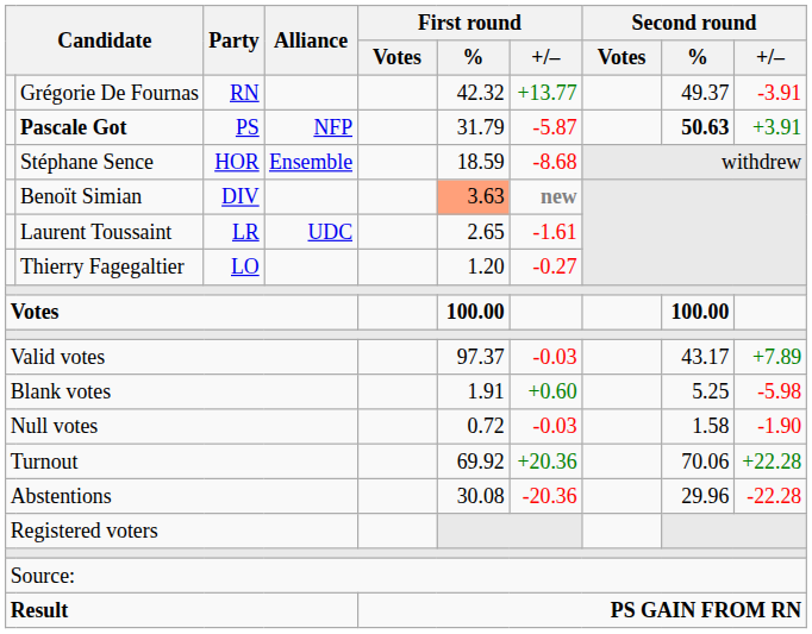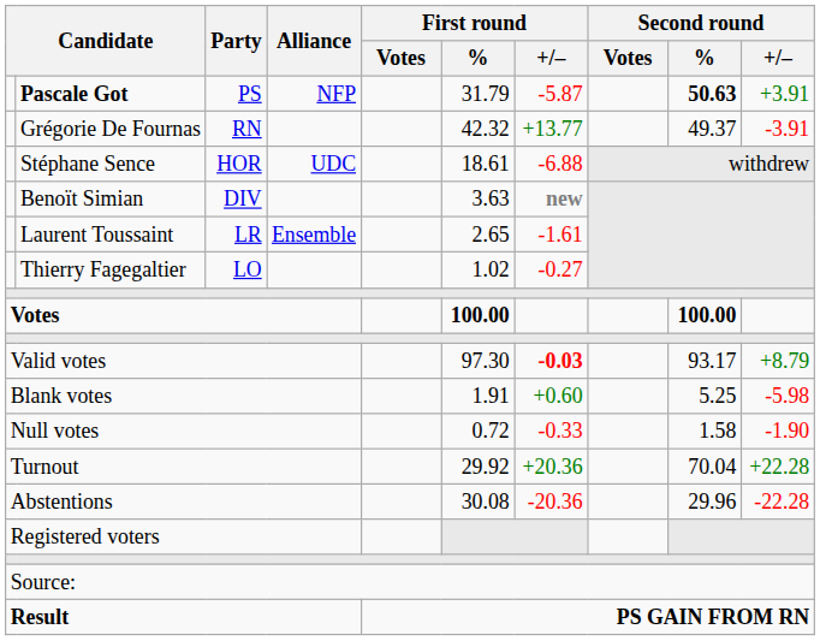 <table class="wikitable" style="text-align:right;font-size:95%;">
 <tr>
 <th rowspan="2" colspan="2">Candidate</th>
 <th colspan="1" rowspan="2">Party</th>
 <th colspan="1" rowspan="2">Alliance</th>
 <th colspan="3">First round</th>
 <th colspan="3">Second round</th>
 </tr>
 <tr>
 <th style="width:50px;">Votes</th>
 <th style="width:45px;">%</th>
 <th style="width:45px;">+/–</th>
 <th style="width:50px;">Votes</th>
 <th style="width:45px;">%</th>
 <th style="width:45px;">+/–</th>
 </tr>
 <tr>
 <td style="color:inherit;background:"></td>
+<td style="text-align:left;"><strong>Pascale Got</strong></td>
+<td><a href='#'>PS</a></td>
+<td><a href='#'>NFP</a></td>
+<td></td>
+<td>31.79</td>
+<td style="color:red;">-5.87</td>
+<td><strong></strong></td>
+<td><strong>50.63</strong></td>
+<td style="color:green;">+3.91</td>
+</tr>
+<tr>
+<td style="color:inherit;background:"></td>
 <td style="text-align:left;">Grégorie De Fournas</td>
 <td><a href='#'>RN</a></td>
 <td></td>
 <td></td>
 <td>42.32</td>
 <td style="color:green;">+13.77</td>
 <td></td>
 <td>49.37</td>
 <td style="color:red;">-3.91</td>
 </tr>
 <tr>
 <td style="color:inherit;background:"></td>
-<td style="text-align:left;"><strong>Pascale Got</strong></td>
-<td><a href='#'>PS</a></td>
-<td><a href='#'>NFP</a></td>
-<td></td>
-<td>31.79</td>
-<td style="color:red;">-5.87</td>
-<td><strong></strong></td>
-<td><strong>50.63</strong></td>
-<td style="color:green;">+3.91</td>
-</tr>
-<tr>
-<td style="color:inherit;background:"></td>
 <td style="text-align:left;">Stéphane Sence</td>
 <td><a href='#'>HOR</a></td>
-<td><a href='#'>Ensemble</a></td>
+<td><a href='#'>UDC</a></td>
 <td></td>
-<td>18.59</td>
-<td style="color:red;">-8.68</td>
+<td>18.61</td>
+<td style="color:red;">-6.88</td>
 <td colspan="3" style="background:#E9E9E9;">withdrew</td>
 </tr>
 <tr>
 <td style="color:inherit;background:"></td>
 <td style="text-align:left;">Benoït Simian</td>
 <td><a href='#'>DIV</a></td>
 <td></td>
 <td></td>
-<td style="background: lightsalmon;">3.63</td>
+<td>3.63</td>
 <td style="color:grey;"><strong>new</strong></td>
 <td colspan="3" rowspan="3" style="background:#E9E9E9;"></td>
 </tr>
 <tr>
 <td style="color:inherit;background:"></td>
 <td style="text-align:left;">Laurent Toussaint</td>
 <td><a href='#'>LR</a></td>
-<td><a href='#'>UDC</a></td>
+<td><a href='#'>Ensemble</a></td>
 <td></td>
 <td>2.65</td>
 <td style="color:red;">-1.61</td>
 </tr>
 <tr>
 <td style="color:inherit;background:"></td>
 <td style="text-align:left;">Thierry Fagegaltier</td>
 <td><a href='#'>LO</a></td>
 <td></td>
 <td></td>
-<td>1.20</td>
+<td>1.02</td>
 <td style="color:red;">-0.27</td>
 </tr>
 <tr>
 <td colspan="10" style="background:#E9E9E9;"></td>
 </tr>
 <tr style="font-weight:bold;">
 <td colspan="4" style="text-align:left;">Votes</td>
 <td></td>
 <td>100.00</td>
 <td></td>
 <td></td>
 <td>100.00</td>
 <td></td>
 </tr>
 <tr>
 <td colspan="10" style="background:#E9E9E9;"></td>
 </tr>
 <tr>
 <td colspan="4" style="text-align:left;">Valid votes</td>
 <td></td>
-<td>97.37</td>
-<td style="color:red;">-0.03</td>
+<td>97.30</td>
+<td style="color:red;"><strong>-0.03</strong></td>
 <td></td>
-<td>43.17</td>
-<td style="color:green;">+7.89</td>
+<td>93.17</td>
+<td style="color:green;">+8.79</td>
 </tr>
 <tr>
 <td colspan="4" style="text-align:left;">Blank votes</td>
 <td></td>
 <td>1.91</td>
 <td style="color:green;">+0.60</td>
 <td></td>
 <td>5.25</td>
 <td style="color:red;">-5.98</td>
 </tr>
 <tr>
 <td colspan="4" style="text-align:left;">Null votes</td>
 <td></td>
 <td>0.72</td>
-<td style="color:red;">-0.03</td>
+<td style="color:red;">-0.33</td>
 <td></td>
 <td>1.58</td>
 <td style="color:red;">-1.90</td>
 </tr>
 <tr>
 <td colspan="4" style="text-align:left;">Turnout</td>
 <td></td>
-<td>69.92</td>
+<td>29.92</td>
 <td style="color:green;">+20.36</td>
 <td></td>
-<td>70.06</td>
+<td>70.04</td>
 <td style="color:green;">+22.28</td>
 </tr>
 <tr>
 <td colspan="4" style="text-align:left;">Abstentions</td>
 <td></td>
 <td>30.08</td>
 <td style="color:red;">-20.36</td>
 <td></td>
 <td>29.96</td>
 <td style="color:red;">-22.28</td>
 </tr>
 <tr>
 <td colspan="4" style="text-align:left;">Registered voters</td>
 <td></td>
 <td colspan="2" style="background:#E9E9E9;"></td>
 <td></td>
 <td colspan="2" style="background:#E9E9E9;"></td>
 </tr>
 <tr>
 <td colspan="10" style="background:#E9E9E9;"></td>
 </tr>
 <tr>
 <td colspan="10" style="text-align:left;">Source: </td>
 </tr>
 <tr style="font-weight:bold">
 <td colspan="4" style="text-align:left;">Result</td>
 <td colspan="6" style="background-color:">PS GAIN FROM RN</td>
 </tr>
 </table>
